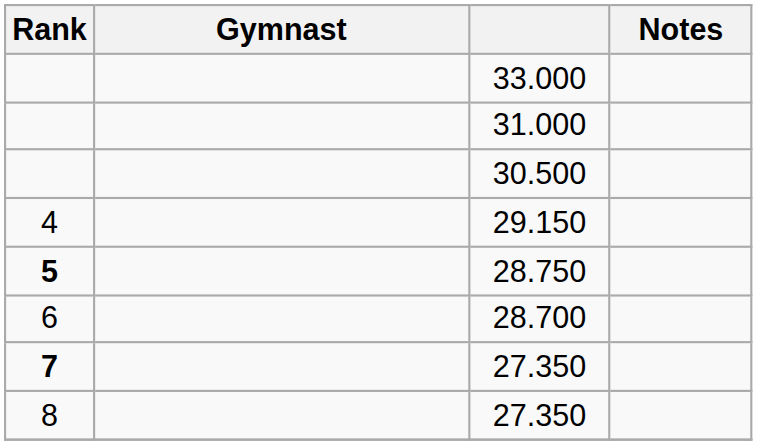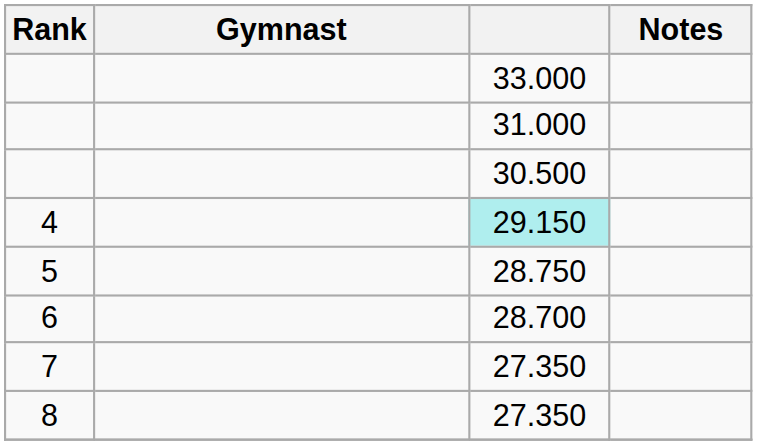 <table class="wikitable sortable" style="text-align:center; font-size:90%">
 <tr>
 <th scope="col" style="width:20px;">Rank</th>
 <th ! scope="col" style="width:170px;">Gymnast</th>
 <th ! scope="col" style="width:60px;"></th>
 <th ! scope="col" style="width:60px;">Notes</th>
 </tr>
 <tr>
 <td></td>
 <td align=left></td>
 <td>33.000</td>
 <td></td>
 </tr>
 <tr>
 <td></td>
 <td align=left></td>
 <td>31.000</td>
 <td></td>
 </tr>
 <tr>
 <td></td>
 <td align=left></td>
 <td>30.500</td>
 <td></td>
 </tr>
 <tr>
 <td>4</td>
 <td align=left></td>
-<td>29.150</td>
+<td style="background: paleturquoise;">29.150</td>
 <td></td>
 </tr>
 <tr>
-<td><strong>5</strong></td>
+<td>5</td>
 <td align=left></td>
 <td>28.750</td>
 <td></td>
 </tr>
 <tr>
 <td>6</td>
 <td align=left></td>
 <td>28.700</td>
 <td></td>
 </tr>
 <tr>
-<td><strong>7</strong></td>
+<td>7</td>
 <td align=left></td>
 <td>27.350</td>
 <td></td>
 </tr>
 <tr>
 <td>8</td>
 <td align=left></td>
 <td>27.350</td>
 <td></td>
 </tr>
 <tr>
 </tr>
 </table>
